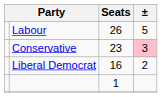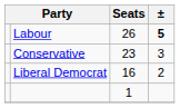 <table class="sortable wikitable">
 <tr>
 <th colspan="2">Party</th>
 <th>Seats</th>
 <th>  ±  </th>
 </tr>
 <tr>
 <td style="background-color: "></td>
 <td><a href='#'>Labour</a></td>
 <td align="center">26</td>
-<td align="center">5</td>
+<td align="center"><strong>5</strong></td>
 </tr>
 <tr>
 <td style="background-color: "></td>
 <td><a href='#'>Conservative</a></td>
 <td align="center">23</td>
-<td align="center" style="background: pink;">3</td>
+<td align="center">3</td>
 </tr>
 <tr>
 <td style="background-color: "></td>
 <td><a href='#'>Liberal Democrat</a></td>
 <td align="center">16</td>
 <td align="center">2</td>
 </tr>
 <tr>
 <td style="background-color: "></td>
 <td><a href='#'></a></td>
 <td align="center">1</td>
 <td align="center"></td>
 </tr>
 <tr>
 </tr>
 </table>
